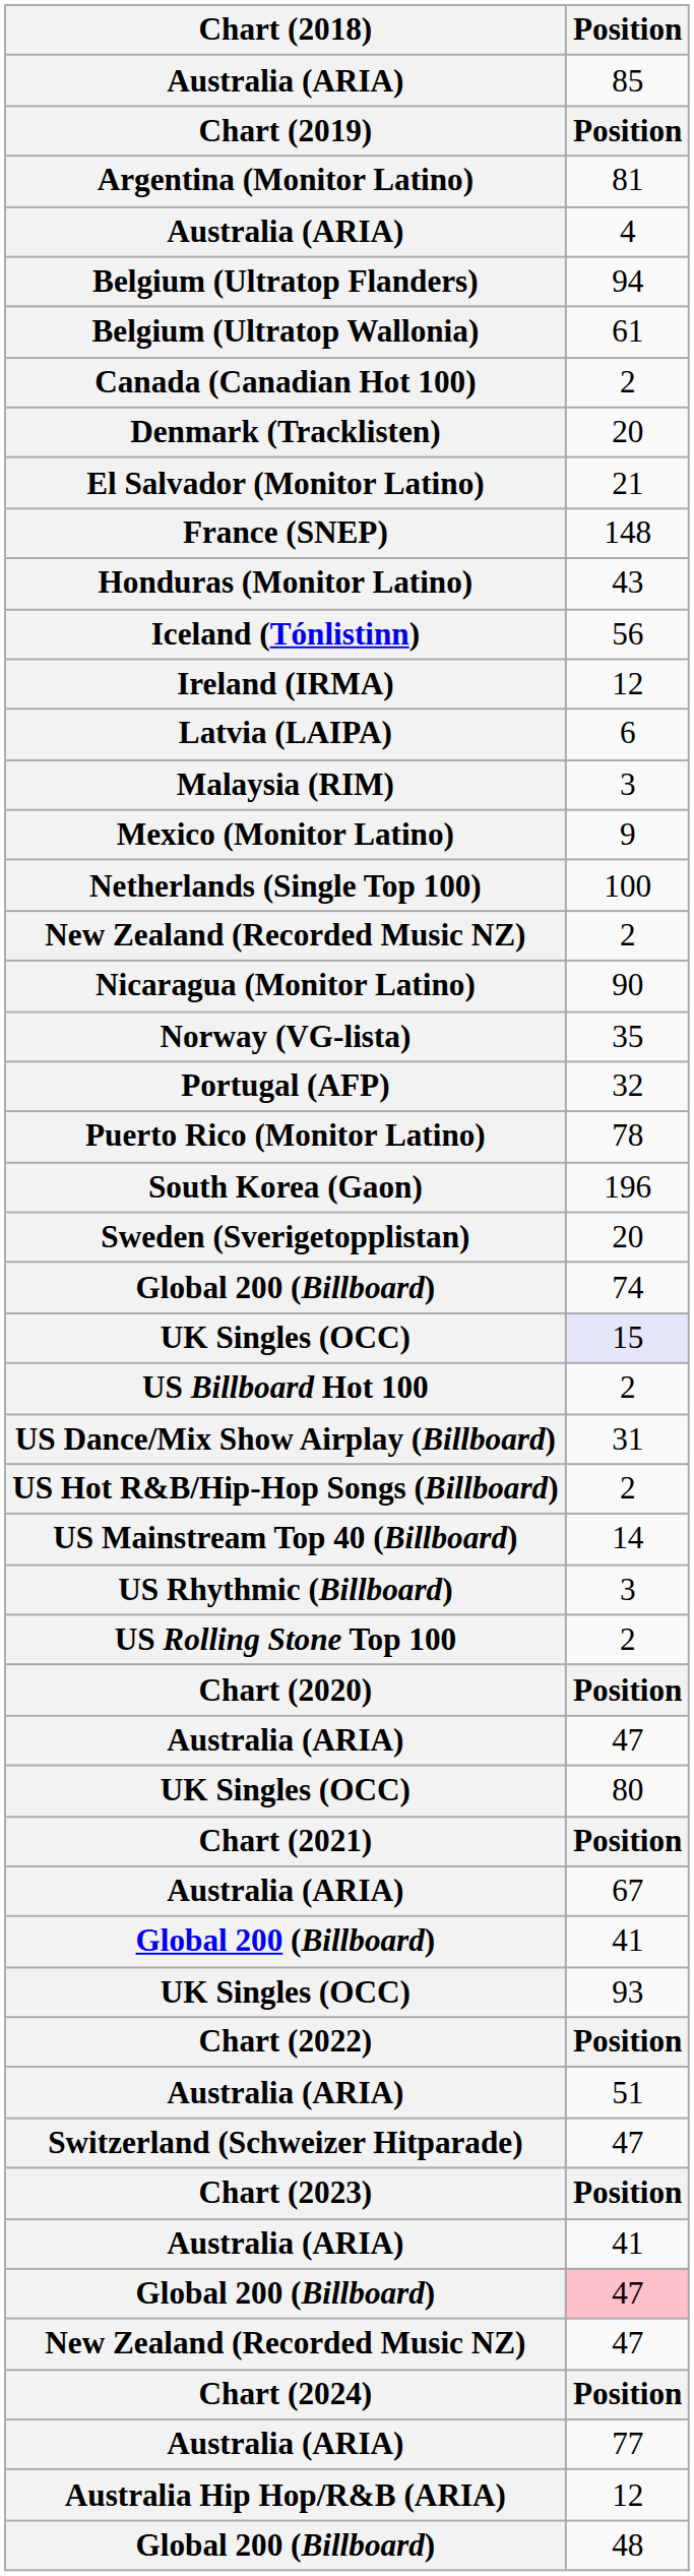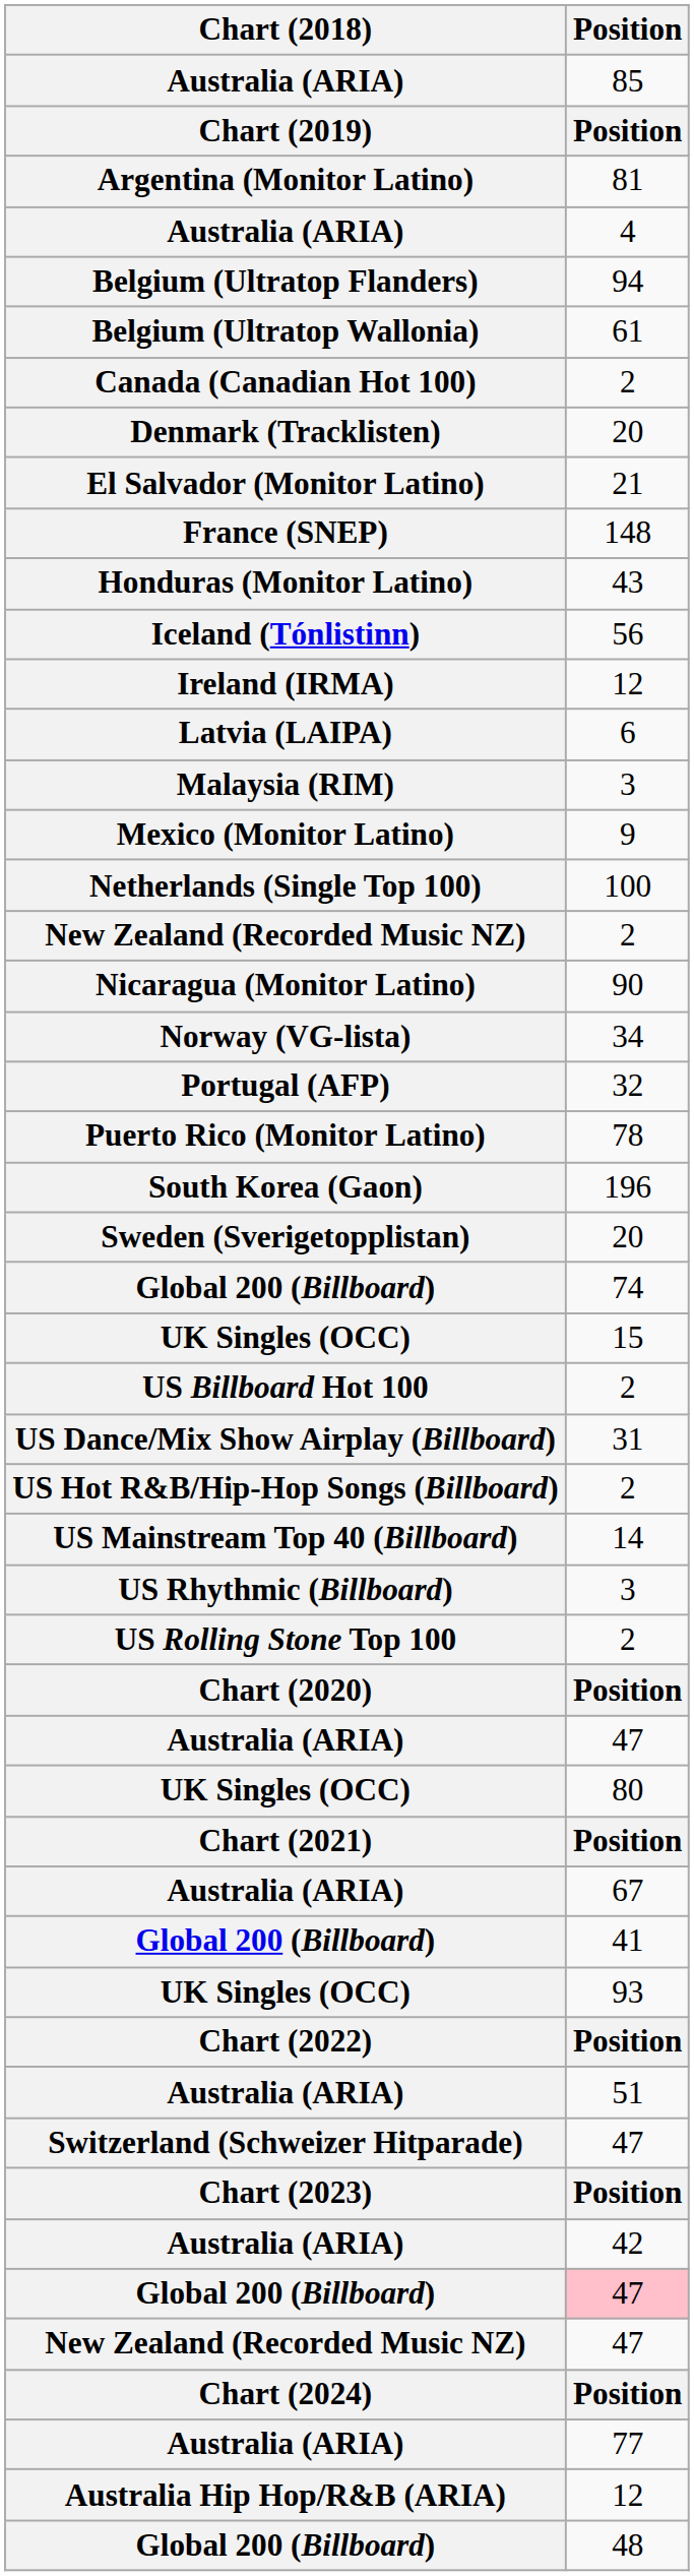 <table class="wikitable plainrowheaders" style="text-align:center">
 <tr>
 <th>Chart (2018)</th>
 <th>Position</th>
 </tr>
 <tr>
 <th scope="row">Australia (ARIA)</th>
 <td>85</td>
 </tr>
 <tr>
 <th scope="col">Chart (2019)</th>
 <th scope="col">Position</th>
 </tr>
 <tr>
 <th scope="row">Argentina (Monitor Latino)</th>
 <td>81</td>
 </tr>
 <tr>
 <th scope="row">Australia (ARIA)</th>
 <td>4</td>
 </tr>
 <tr>
 <th scope="row">Belgium (Ultratop Flanders)</th>
 <td>94</td>
 </tr>
 <tr>
 <th scope="row">Belgium (Ultratop Wallonia)</th>
 <td>61</td>
 </tr>
 <tr>
 <th scope="row">Canada (Canadian Hot 100)</th>
 <td>2</td>
 </tr>
 <tr>
 <th scope="row">Denmark (Tracklisten)</th>
 <td>20</td>
 </tr>
 <tr>
 <th scope="row">El Salvador (Monitor Latino)</th>
 <td>21</td>
 </tr>
 <tr>
 <th scope="row">France (SNEP)</th>
 <td>148</td>
 </tr>
 <tr>
 <th scope="row">Honduras (Monitor Latino)</th>
 <td>43</td>
 </tr>
 <tr>
 <th scope="row">Iceland (<a href='#'>Tónlistinn</a>)</th>
 <td>56</td>
 </tr>
 <tr>
 <th scope="row">Ireland (IRMA)</th>
 <td>12</td>
 </tr>
 <tr>
 <th scope="row">Latvia (LAIPA)</th>
 <td>6</td>
 </tr>
 <tr>
 <th scope="row">Malaysia (RIM)</th>
 <td>3</td>
 </tr>
 <tr>
 <th scope="row">Mexico (Monitor Latino)</th>
 <td>9</td>
 </tr>
 <tr>
 <th scope="row">Netherlands (Single Top 100)</th>
 <td>100</td>
 </tr>
 <tr>
 <th scope="row">New Zealand (Recorded Music NZ)</th>
 <td>2</td>
 </tr>
 <tr>
 <th scope="row">Nicaragua (Monitor Latino)</th>
 <td>90</td>
 </tr>
 <tr>
 <th scope="row">Norway (VG-lista)</th>
-<td>35</td>
+<td>34</td>
 </tr>
 <tr>
 <th scope="row">Portugal (AFP)</th>
 <td>32</td>
 </tr>
 <tr>
 <th scope="row">Puerto Rico (Monitor Latino)</th>
 <td>78</td>
 </tr>
 <tr>
 <th scope="row">South Korea (Gaon)</th>
 <td>196</td>
 </tr>
 <tr>
 <th scope="row">Sweden (Sverigetopplistan)</th>
 <td>20</td>
 </tr>
 <tr>
 <th scope="row">Global 200 (<em>Billboard</em>)</th>
 <td>74</td>
 </tr>
 <tr>
 <th scope="row">UK Singles (OCC)</th>
-<td style="background: lavender;">15</td>
+<td>15</td>
 </tr>
 <tr>
 <th scope="row">US <em>Billboard</em> Hot 100</th>
 <td>2</td>
 </tr>
 <tr>
 <th scope="row">US Dance/Mix Show Airplay (<em>Billboard</em>)</th>
 <td>31</td>
 </tr>
 <tr>
 <th scope="row">US Hot R&B/Hip-Hop Songs (<em>Billboard</em>)</th>
 <td>2</td>
 </tr>
 <tr>
 <th scope="row">US Mainstream Top 40 (<em>Billboard</em>)</th>
 <td>14</td>
 </tr>
 <tr>
 <th scope="row">US Rhythmic (<em>Billboard</em>)</th>
 <td>3</td>
 </tr>
 <tr>
 <th scope="row">US <em>Rolling Stone</em> Top 100</th>
 <td>2</td>
 </tr>
 <tr>
 <th scope="col">Chart (2020)</th>
 <th scope="col">Position</th>
 </tr>
 <tr>
 <th scope="row">Australia (ARIA)</th>
 <td>47</td>
 </tr>
 <tr>
 <th scope="row">UK Singles (OCC)</th>
 <td>80</td>
 </tr>
 <tr>
 <th scope="col">Chart (2021)</th>
 <th scope="col">Position</th>
 </tr>
 <tr>
 <th scope="row">Australia (ARIA)</th>
 <td>67</td>
 </tr>
 <tr>
 <th scope="row"><a href='#'>Global 200</a> (<em>Billboard</em>)</th>
 <td>41</td>
 </tr>
 <tr>
 <th scope="row">UK Singles (OCC)</th>
 <td>93</td>
 </tr>
 <tr>
 <th scope="col">Chart (2022)</th>
 <th scope="col">Position</th>
 </tr>
 <tr>
 <th scope="row">Australia (ARIA)</th>
 <td>51</td>
 </tr>
 <tr>
 <th scope="row">Switzerland (Schweizer Hitparade)</th>
 <td>47</td>
 </tr>
 <tr>
 <th scope="col">Chart (2023)</th>
 <th scope="col">Position</th>
 </tr>
 <tr>
 <th scope="row">Australia (ARIA)</th>
-<td>41</td>
+<td>42</td>
 </tr>
 <tr>
 <th scope="row">Global 200 (<em>Billboard</em>)</th>
 <td style="background: pink;">47</td>
 </tr>
 <tr>
 <th scope="row">New Zealand (Recorded Music NZ)</th>
 <td>47</td>
 </tr>
 <tr>
 <th scope="col">Chart (2024)</th>
 <th scope="col">Position</th>
 </tr>
 <tr>
 <th scope="row">Australia (ARIA)</th>
 <td>77</td>
 </tr>
 <tr>
 <th scope="row">Australia Hip Hop/R&B (ARIA)</th>
 <td>12</td>
 </tr>
 <tr>
 <th scope="row">Global 200 (<em>Billboard</em>)</th>
 <td>48</td>
 </tr>
 </table>
